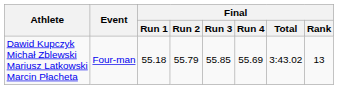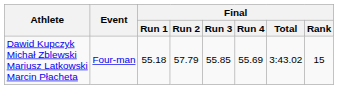 <table class="wikitable" style="font-size:90%">
 <tr>
 <th rowspan="2">Athlete</th>
 <th rowspan="2">Event</th>
 <th colspan="6">Final</th>
 </tr>
 <tr>
 <th>Run 1</th>
 <th>Run 2</th>
 <th>Run 3</th>
 <th>Run 4</th>
 <th>Total</th>
 <th>Rank</th>
 </tr>
 <tr>
 <td><a href='#'>Dawid Kupczyk</a><br><a href='#'>Michał Zblewski</a><br><a href='#'>Mariusz Latkowski</a><br><a href='#'>Marcin Płacheta</a></td>
 <td><a href='#'>Four-man</a></td>
 <td align="center">55.18</td>
-<td align="center">55.79</td>
+<td align="center">57.79</td>
 <td align="center">55.85</td>
 <td align="center">55.69</td>
 <td align="center">3:43.02</td>
-<td align="center">13</td>
+<td align="center">15</td>
 </tr>
 </table>
